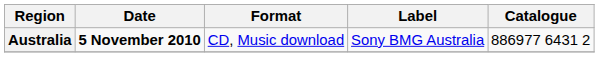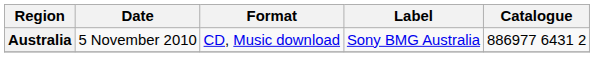 <table class="wikitable plainrowheaders">
 <tr>
 <th scope="col">Region</th>
 <th scope="col">Date</th>
 <th scope="col">Format</th>
 <th scope="col">Label</th>
 <th scope="col">Catalogue</th>
 </tr>
 <tr>
 <th scope="row">Australia</th>
-<td><strong>5 November 2010</strong></td>
+<td>5 November 2010</td>
 <td><a href='#'>CD</a>, <a href='#'>Music download</a></td>
 <td><a href='#'>Sony BMG Australia</a></td>
 <td>886977 6431 2</td>
 </tr>
 <tr>
 </tr>
 </table>
